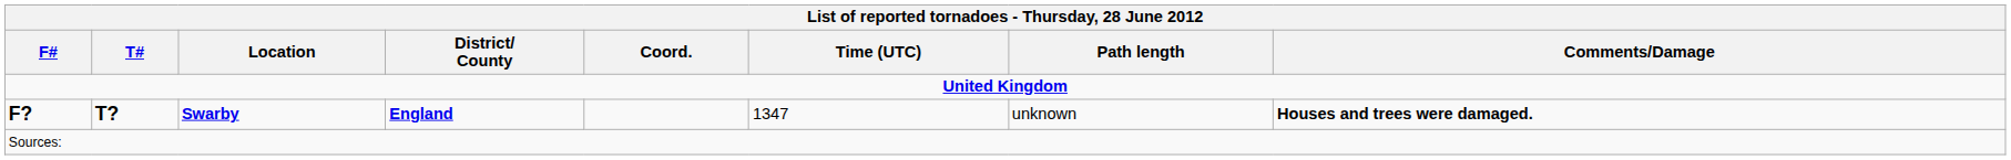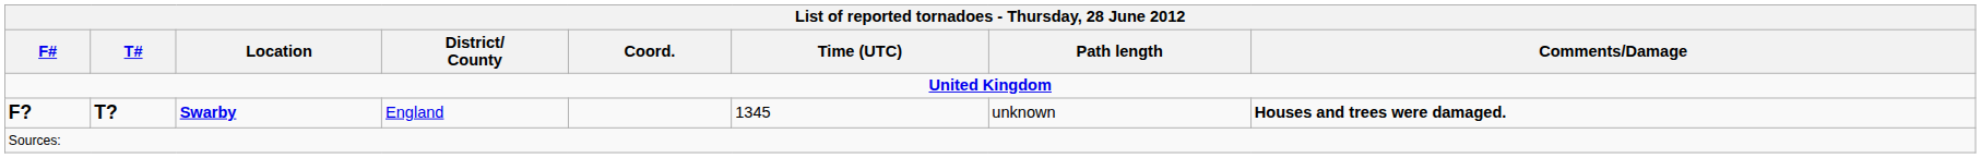 <table class="wikitable collapsible" width="100%">
 <tr>
 <th colspan="8">List of reported tornadoes - Thursday, 28 June 2012</th>
 </tr>
 <tr>
 <th><a href='#'>F#</a></th>
 <th><a href='#'>T#</a></th>
 <th>Location</th>
 <th>District/<br>County</th>
 <th>Coord.</th>
 <th>Time (UTC)</th>
 <th>Path length</th>
 <th>Comments/Damage</th>
 </tr>
 <tr>
 <td colspan="8" align=center><strong><a href='#'>United Kingdom</a></strong></td>
 </tr>
 <tr>
 <td><big><strong>F?</strong></big></td>
 <td><big><strong>T?</strong></big></td>
 <td><strong><a href='#'>Swarby</a></strong></td>
-<td><strong><a href='#'>England</a></strong></td>
+<td><a href='#'>England</a></td>
 <td></td>
-<td>1347</td>
+<td>1345</td>
 <td>unknown</td>
 <td><strong>Houses and trees were damaged.</strong></td>
 </tr>
 <tr>
 <td colspan="8"><small>Sources:  </small></td>
 </tr>
 </table>
